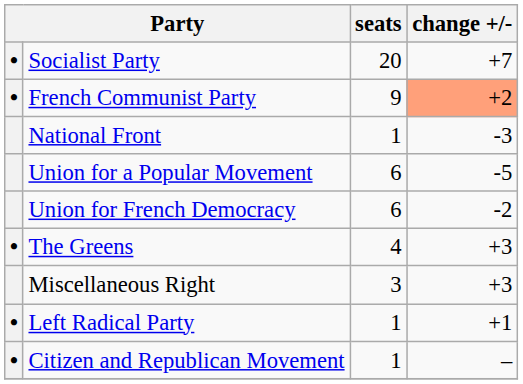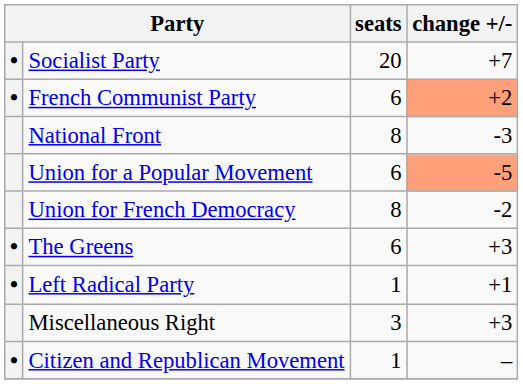 <table class="wikitable" style="font-size: 95%;">
 <tr>
 <th colspan=2>Party</th>
 <th>seats</th>
 <th>change +/-</th>
 </tr>
 <tr>
 <th style="background-color: "><span>•</span></th>
 <td><a href='#'>Socialist Party</a></td>
 <td align="right">20</td>
 <td align="right">+7</td>
 </tr>
 <tr>
 <th style="background-color: "><span>•</span></th>
 <td><a href='#'>French Communist Party</a></td>
-<td align="right">9</td>
+<td align="right">6</td>
 <td align="right" style="background: lightsalmon;">+2</td>
 </tr>
 <tr>
 <th style="background-color: "></th>
 <td><a href='#'>National Front</a></td>
-<td align="right">1</td>
+<td align="right">8</td>
 <td align="right">-3</td>
 </tr>
 <tr>
 <th style="background-color: "></th>
 <td><a href='#'>Union for a Popular Movement</a></td>
 <td align="right">6</td>
-<td align="right">-5</td>
+<td align="right" style="background: lightsalmon;">-5</td>
 </tr>
 <tr>
 <th style="background-color: "></th>
 <td><a href='#'>Union for French Democracy</a></td>
-<td align="right">6</td>
+<td align="right">8</td>
 <td align="right">-2</td>
 </tr>
 <tr>
 <th style="background-color: "><span>•</span></th>
 <td><a href='#'>The Greens</a></td>
-<td align="right">4</td>
-<td align="right">+3</td>
-</tr>
-<tr>
-<th style="background-color: "></th>
-<td>Miscellaneous Right</td>
-<td align="right">3</td>
+<td align="right">6</td>
 <td align="right">+3</td>
 </tr>
 <tr>
 <th style="background-color: "><span>•</span></th>
 <td><a href='#'>Left Radical Party</a></td>
 <td align="right">1</td>
 <td align="right">+1</td>
+</tr>
+<tr>
+<th style="background-color: "></th>
+<td>Miscellaneous Right</td>
+<td align="right">3</td>
+<td align="right">+3</td>
 </tr>
 <tr>
 <th style="background-color: "><span>•</span></th>
 <td><a href='#'>Citizen and Republican Movement</a></td>
 <td align="right">1</td>
 <td align="right">–</td>
 </tr>
 <tr>
 </tr>
 </table>
